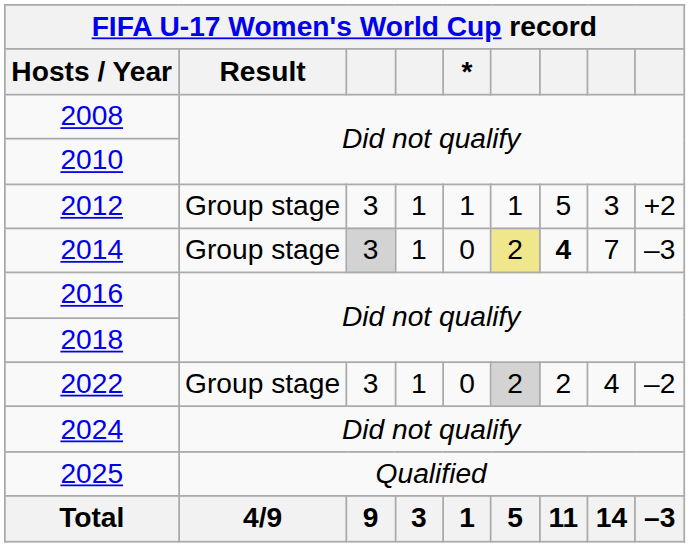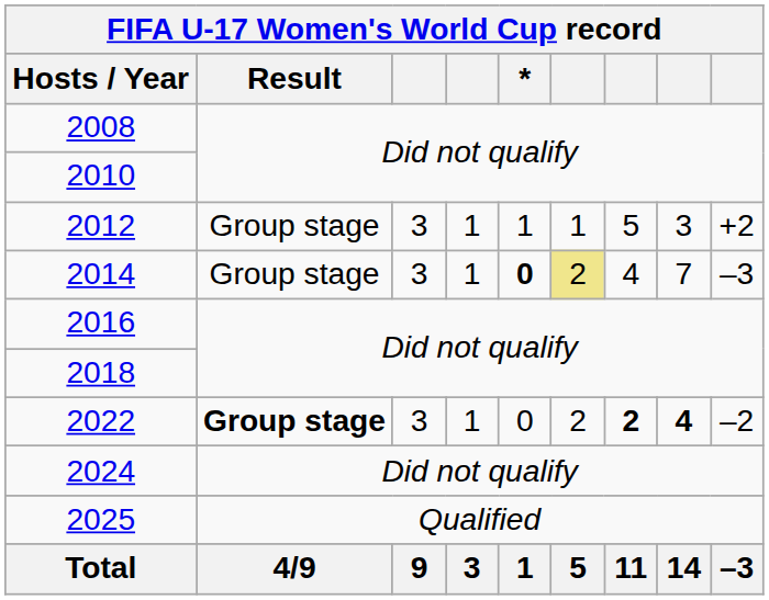 <table class="wikitable" style="text-align: center;">
 <tr>
 <th colspan="9"><a href='#'>FIFA U-17 Women's World Cup</a> record</th>
 </tr>
 <tr>
 <th>Hosts / Year</th>
 <th>Result</th>
 <th width=20></th>
 <th width=20></th>
 <th width=20>*</th>
 <th width=20></th>
 <th width=20></th>
 <th width=20></th>
 <th width=20></th>
 </tr>
 <tr>
 <td> <a href='#'>2008</a></td>
 <td colspan=8 rowspan=2><em>Did not qualify</em></td>
 </tr>
 <tr>
 <td> <a href='#'>2010</a></td>
 </tr>
 <tr>
 <td> <a href='#'>2012</a></td>
 <td>Group stage</td>
 <td>3</td>
 <td>1</td>
 <td>1</td>
 <td>1</td>
 <td>5</td>
 <td>3</td>
 <td>+2</td>
 </tr>
 <tr>
 <td> <a href='#'>2014</a></td>
 <td>Group stage</td>
-<td style="background: lightgrey;">3</td>
+<td>3</td>
 <td>1</td>
-<td>0</td>
+<td><strong>0</strong></td>
 <td style="background: khaki;">2</td>
-<td><strong>4</strong></td>
+<td>4</td>
 <td>7</td>
 <td>–3</td>
 </tr>
 <tr>
 <td> <a href='#'>2016</a></td>
 <td colspan=8 rowspan=2><em>Did not qualify</em></td>
 </tr>
 <tr>
 <td> <a href='#'>2018</a></td>
 </tr>
 <tr>
 <td> <a href='#'>2022</a></td>
-<td>Group stage</td>
+<td><strong>Group stage</strong></td>
 <td>3</td>
 <td>1</td>
 <td>0</td>
-<td style="background: lightgrey;">2</td>
 <td>2</td>
-<td>4</td>
+<td><strong>2</strong></td>
+<td><strong>4</strong></td>
 <td>–2</td>
 </tr>
 <tr>
 <td> <a href='#'>2024</a></td>
 <td colspan=8><em>Did not qualify</em></td>
 </tr>
 <tr>
 <td> <a href='#'>2025</a></td>
 <td colspan=8><em>Qualified</em></td>
 </tr>
 <tr>
 <th>Total</th>
 <th>4/9</th>
 <th>9</th>
 <th>3</th>
 <th>1</th>
 <th>5</th>
 <th>11</th>
 <th>14</th>
 <th>–3</th>
 </tr>
 </table>
